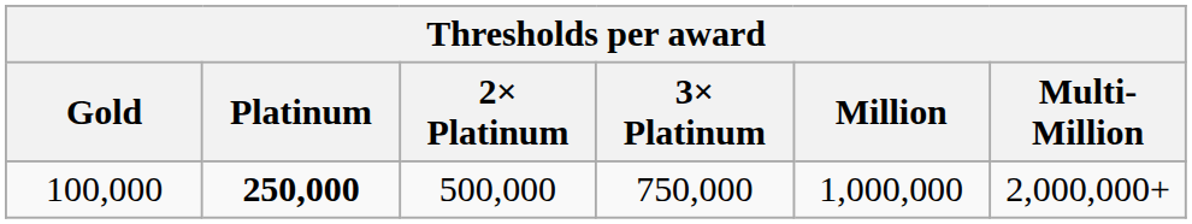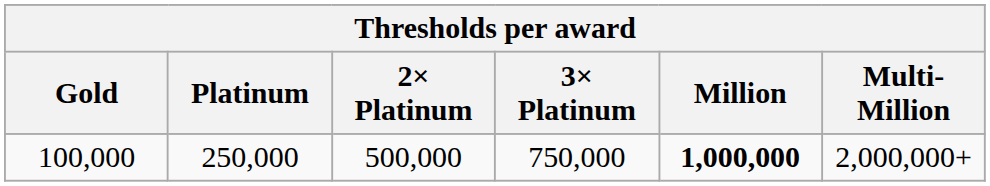 <table class=wikitable>
 <tr>
 <th colspan="6">Thresholds per award</th>
 </tr>
 <tr>
 <th>Gold</th>
 <th>Platinum</th>
 <th>2× Platinum</th>
 <th>3× Platinum</th>
 <th>Million</th>
 <th>Multi-Million</th>
 </tr>
 <tr>
 <td align="center" width="80">100,000</td>
-<td align="center" width="80"><strong>250,000</strong></td>
+<td align="center" width="80">250,000</td>
 <td align="center" width="80">500,000</td>
 <td align="center" width="80">750,000</td>
-<td align="center" width="80">1,000,000</td>
+<td align="center" width="80"><strong>1,000,000</strong></td>
 <td align="center" width="80">2,000,000+</td>
 </tr>
 </table>
